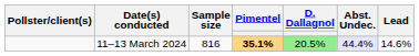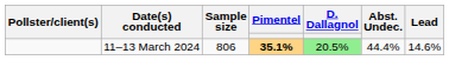 <table class="wikitable" style="text-align:center;font-size:90%;line-height:14px;">
 <tr>
 <th rowspan="2">Pollster/client(s)</th>
 <th rowspan="2">Date(s)<br>conducted</th>
 <th rowspan="2">Sample<br>size</th>
 <th class="unsortable" style="width:50px;"><a href='#'>Pimentel</a><br></th>
 <th class="unsortable" style="width:50px;"><a href='#'>D. Dallagnol</a><br></th>
 <th rowspan="2">Abst.<br>Undec.</th>
 <th rowspan="2">Lead</th>
 </tr>
 <tr>
 <th data-sort-type="number" class="sortable" style="background:"></th>
 <th data-sort-type="number" class="sortable" style="background:"></th>
 </tr>
 <tr>
 <td></td>
 <td>11–13 March 2024</td>
-<td>816</td>
+<td>806</td>
 <td style="background:#ffd485;"><strong>35.1%</strong></td>
 <td style="background: lightgreen;">20.5%</td>
-<td style="background: lavender;">44.4%</td>
+<td>44.4%</td>
 <td style="background:">14.6%</td>
 </tr>
 </table>
